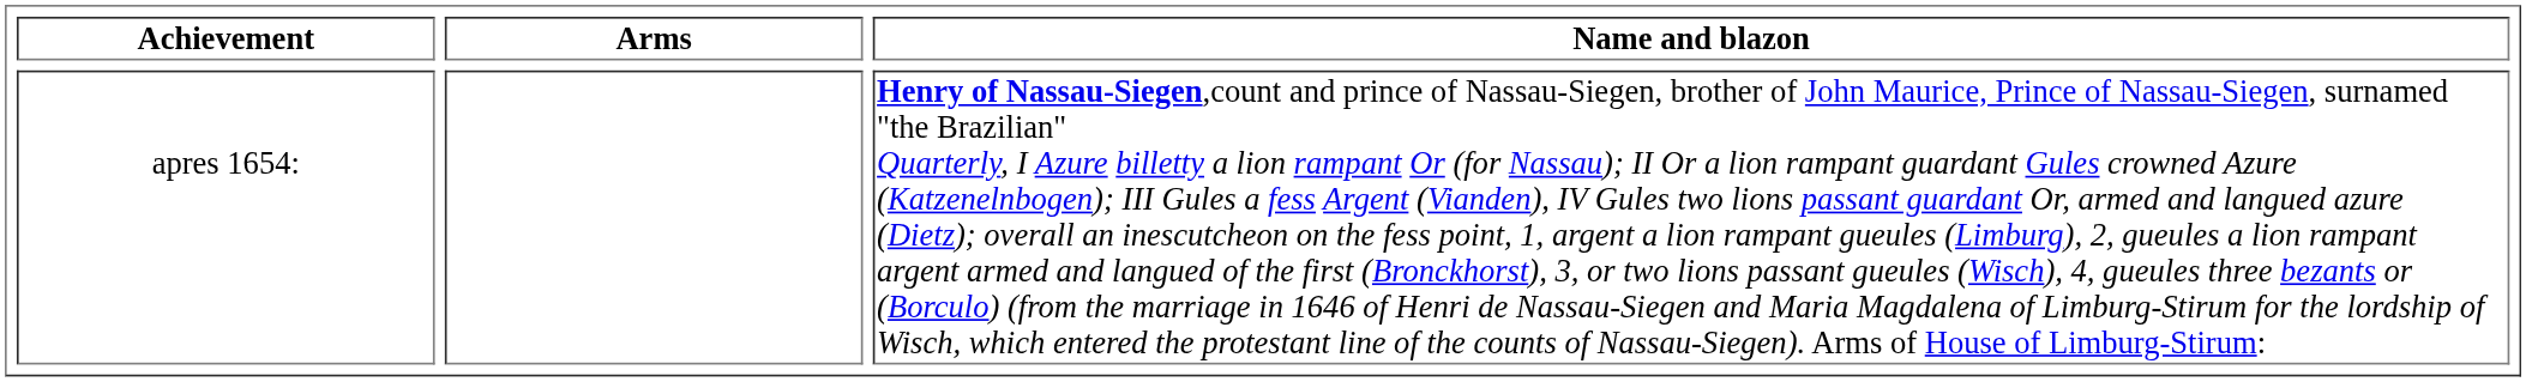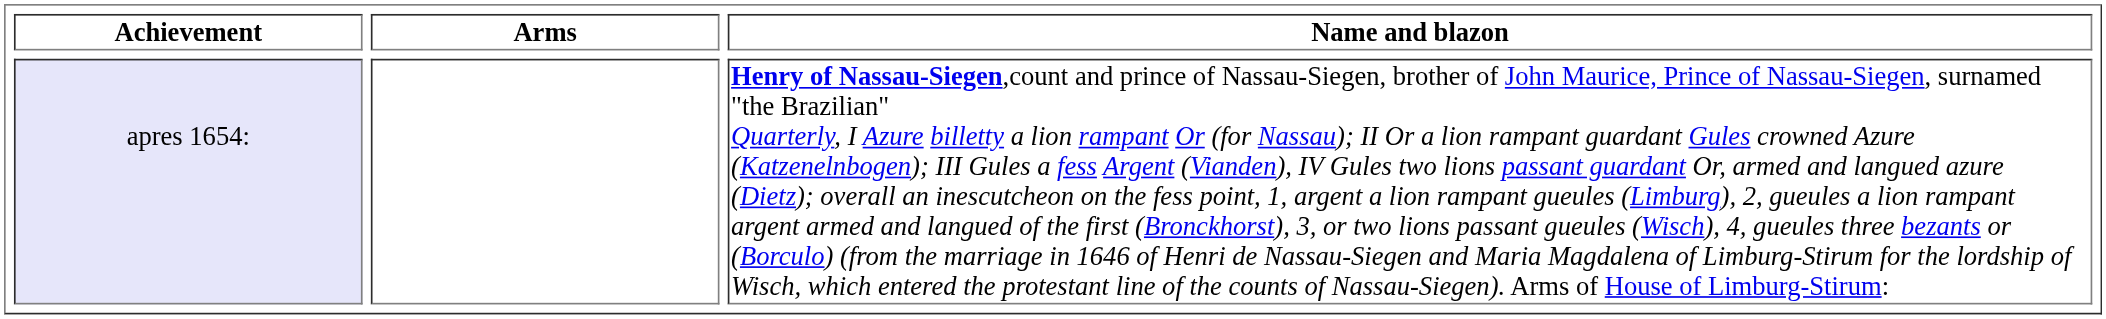 <table border=1 cellspacing=5 width="100%">
 <tr valign=top align=center>
 <td width="206"><strong>Achievement</strong></td>
 <td width="206"><strong>Arms</strong></td>
 <td><strong>Name and blazon</strong></td>
 </tr>
 <tr valign=top>
-<td align=center><br><br>apres 1654:<br><br></td>
+<td align=center style="background: lavender;"><br><br>apres 1654:<br><br></td>
 <td align=center><br><br><br><br> </td>
 <td><strong><a href='#'>Henry of Nassau-Siegen</a></strong>,count and prince of Nassau-Siegen, brother of <a href='#'>John Maurice, Prince of Nassau-Siegen</a>, surnamed "the Brazilian"<br><em><a href='#'>Quarterly</a>, I <a href='#'>Azure</a> <a href='#'>billetty</a> a lion <a href='#'>rampant</a> <a href='#'>Or</a> (for <a href='#'>Nassau</a>); II Or a lion rampant guardant <a href='#'>Gules</a> crowned Azure (<a href='#'>Katzenelnbogen</a>); III Gules a <a href='#'>fess</a> <a href='#'>Argent</a> (<a href='#'>Vianden</a>), IV Gules two lions <a href='#'>passant guardant</a> Or, armed and langued azure (<a href='#'>Dietz</a>); overall an inescutcheon on the fess point, 1, argent a lion rampant gueules (<a href='#'>Limburg</a>), 2, gueules a lion rampant argent armed and langued of the first (<a href='#'>Bronckhorst</a>), 3, or two lions passant gueules (<a href='#'>Wisch</a>), 4, gueules three <a href='#'>bezants</a> or (<a href='#'>Borculo</a>) (from the marriage in 1646 of Henri de Nassau-Siegen and Maria Magdalena of Limburg-Stirum for the lordship of Wisch, which entered the protestant line of the counts of Nassau-Siegen).</em>  Arms of <a href='#'>House of Limburg-Stirum</a>:  </td>
 </tr>
 </table>
